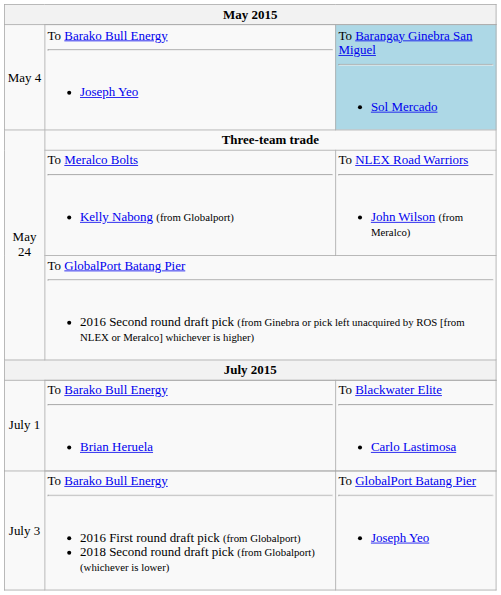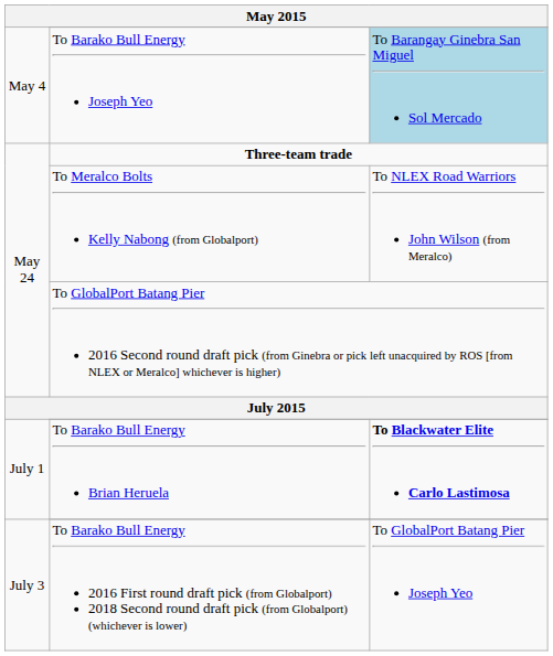 <table class="wikitable" style="text-align:center">
 <tr>
 <th colspan=4>May 2015</th>
 </tr>
 <tr>
 <td rowspan=2>May 4</td>
 </tr>
 <tr>
 <td align=left valign=top>To <a href='#'>Barako Bull Energy</a><hr><br><ul><li><a href='#'>Joseph Yeo</a></li></ul></td>
 <td align=left valign=top style="background: lightblue;">To <a href='#'>Barangay Ginebra San Miguel</a><hr><br><ul><li><a href='#'>Sol Mercado</a></li></ul></td>
 </tr>
 <tr>
 <td rowspan=3>May 24</td>
 <td colspan=3><strong>Three-team trade</strong></td>
 </tr>
 <tr>
 <td align=left valign=top>To <a href='#'>Meralco Bolts</a><hr><br><ul><li><a href='#'>Kelly Nabong</a> <small>(from Globalport)</small></li></ul></td>
 <td align=left valign=top>To <a href='#'>NLEX Road Warriors</a><hr><br><ul><li><a href='#'>John Wilson</a> <small>(from Meralco)</small></li></ul></td>
 </tr>
 <tr>
 <td colspan="2"  style="text-align:left; vertical-align:top;">To <a href='#'>GlobalPort Batang Pier</a><hr><br><ul><li>2016 Second round draft pick <small>(from Ginebra or pick left unacquired by ROS [from NLEX or Meralco] whichever is higher)</small></li></ul></td>
 </tr>
 <tr>
 <th colspan=4>July 2015</th>
 </tr>
 <tr>
 <td rowspan=2>July 1</td>
 </tr>
 <tr>
 <td align=left valign=top>To <a href='#'>Barako Bull Energy</a><hr><br><ul><li><a href='#'>Brian Heruela</a></li></ul></td>
-<td align=left valign=top>To <a href='#'>Blackwater Elite</a><hr><br><ul><li><a href='#'>Carlo Lastimosa</a></li></ul></td>
+<td align=left valign=top><strong>To <a href='#'>Blackwater Elite</a><hr><br><ul><li><a href='#'>Carlo Lastimosa</a></li></ul></strong></td>
 </tr>
 <tr>
 <td rowspan=2>July 3</td>
 </tr>
 <tr>
 <td align=left valign=top>To <a href='#'>Barako Bull Energy</a><hr><br><ul><li>2016 First round draft pick <small>(from Globalport)</small></li><li>2018 Second round draft pick <small>(from Globalport)</small> <small>(whichever is lower)</small></li></ul></td>
 <td align=left valign=top>To <a href='#'>GlobalPort Batang Pier</a><hr><br><ul><li><a href='#'>Joseph Yeo</a></li></ul></td>
 </tr>
 </table>
